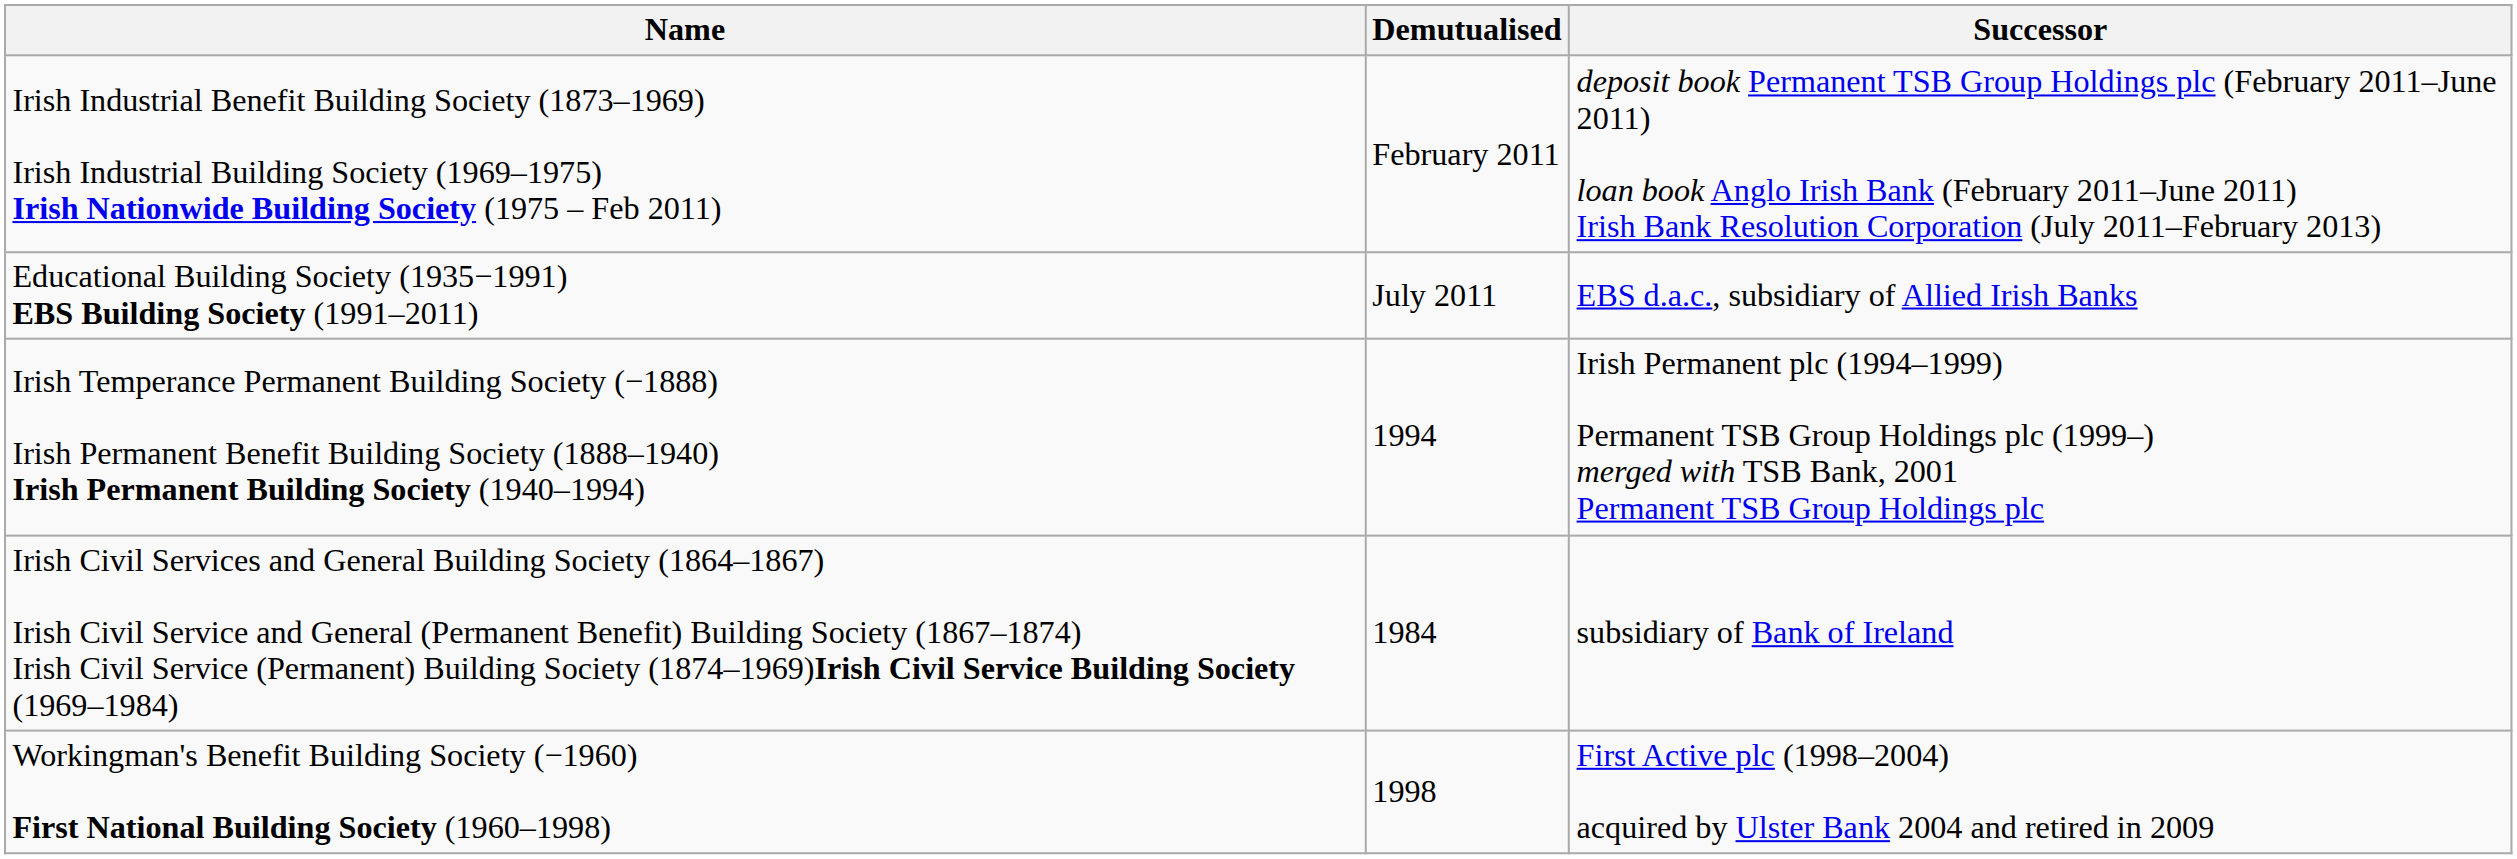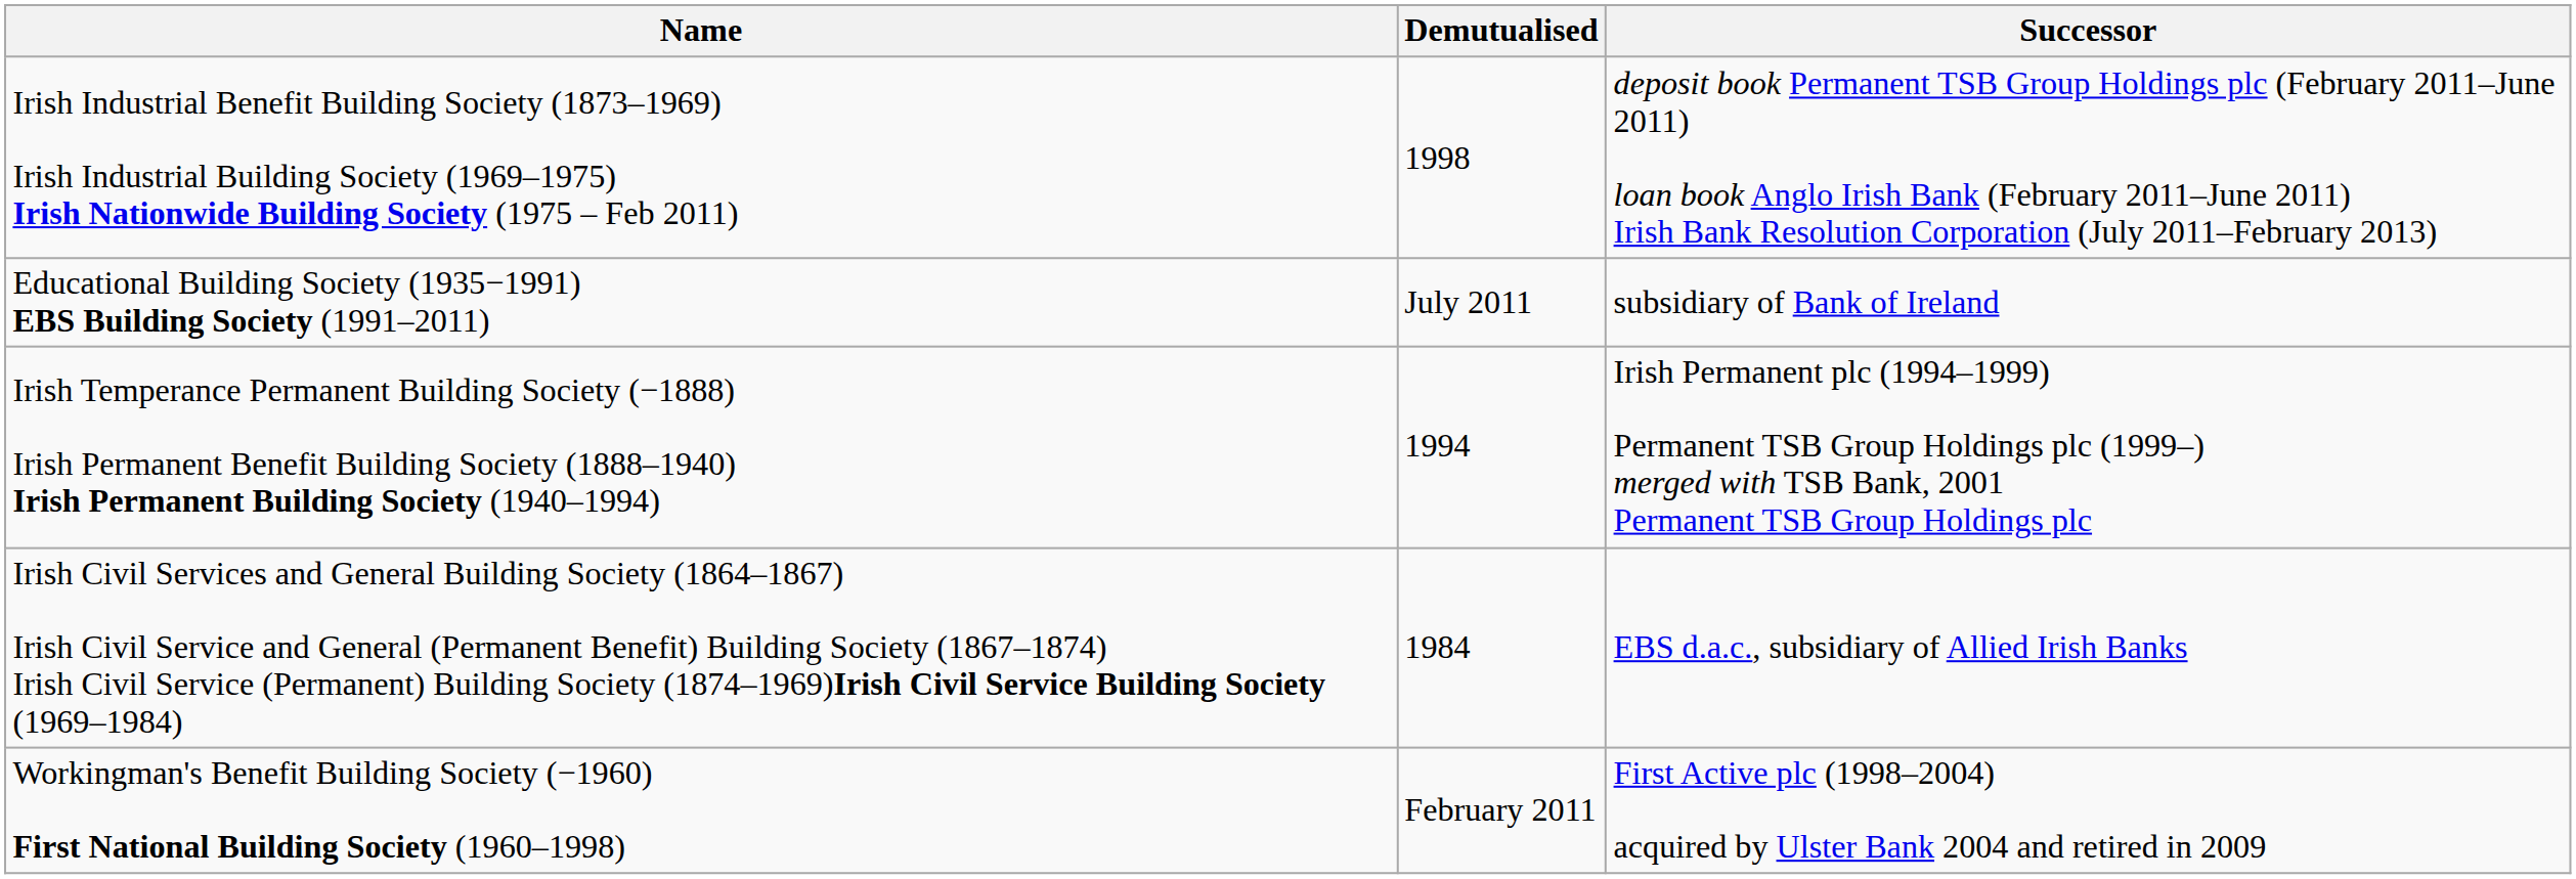 <table class="wikitable">
 <tr>
 <th>Name</th>
 <th>Demutualised</th>
 <th>Successor</th>
 </tr>
 <tr>
 <td>Irish Industrial Benefit Building Society (1873–1969)<br><br>Irish Industrial Building Society (1969–1975)<br> <strong><a href='#'>Irish Nationwide Building Society</a></strong> (1975 – Feb 2011)</td>
-<td>February 2011</td>
+<td>1998</td>
 <td><em>deposit book</em> <a href='#'>Permanent TSB Group Holdings plc</a> (February 2011–June 2011)<br><br><em>loan book</em> <a href='#'>Anglo Irish Bank</a> (February 2011–June 2011)<br> <a href='#'>Irish Bank Resolution Corporation</a> (July 2011–February 2013)</td>
 </tr>
 <tr>
 <td>Educational Building Society (1935−1991)<br><strong>EBS Building Society</strong> (1991–2011)</td>
 <td>July 2011</td>
-<td><a href='#'>EBS d.a.c.</a>, subsidiary of <a href='#'>Allied Irish Banks</a></td>
+<td>subsidiary of <a href='#'>Bank of Ireland</a><br></td>
 </tr>
 <tr>
 <td>Irish Temperance Permanent Building Society (−1888)<br><br>Irish Permanent Benefit Building Society (1888–1940)<br> <strong>Irish Permanent Building Society</strong> (1940–1994)</td>
 <td>1994</td>
 <td>Irish Permanent plc (1994–1999)<br><br>Permanent TSB Group Holdings plc (1999–)<br> <em>merged with</em> TSB Bank, 2001<br> <a href='#'>Permanent TSB Group Holdings plc</a></td>
 </tr>
 <tr>
 <td>Irish Civil Services and General Building Society (1864–1867)<br><br>Irish Civil Service and General (Permanent Benefit) Building Society (1867–1874)<br> Irish Civil Service (Permanent) Building Society (1874–1969)<strong>Irish Civil Service Building Society</strong> (1969–1984)</td>
 <td>1984</td>
-<td>subsidiary of <a href='#'>Bank of Ireland</a><br></td>
+<td><a href='#'>EBS d.a.c.</a>, subsidiary of <a href='#'>Allied Irish Banks</a></td>
 </tr>
 <tr>
 <td>Workingman's Benefit Building Society (−1960)<br><br><strong>First National Building Society</strong> (1960–1998)</td>
-<td>1998</td>
+<td>February 2011</td>
 <td><a href='#'>First Active plc</a> (1998–2004)<br><br>acquired by <a href='#'>Ulster Bank</a> 2004 and retired in 2009</td>
 </tr>
 </table>
